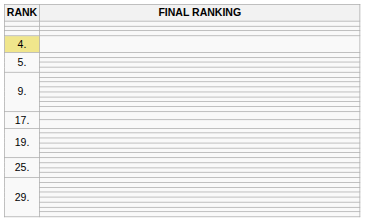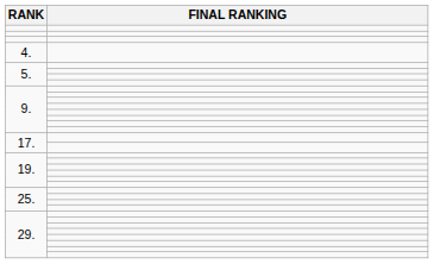 <table class="wikitable" style="border-collapse: collapse; font-size: 90%;">
 <tr>
 <th>RANK</th>
 <th style="width: 30em">FINAL RANKING</th>
 </tr>
 <tr>
 <td align="center"></td>
 <td></td>
 </tr>
 <tr>
 <td align="center"></td>
 <td></td>
 </tr>
 <tr>
 <td align="center"></td>
 <td></td>
 </tr>
 <tr>
-<td align="center" style="background: khaki;">4.</td>
+<td align="center">4.</td>
 <td></td>
 </tr>
 <tr>
 <td rowspan=4 align="center">5.</td>
 <td></td>
 </tr>
 <tr>
 <td></td>
 </tr>
 <tr>
 <td></td>
 </tr>
 <tr>
 <td></td>
 </tr>
 <tr>
 <td rowspan=8 align="center">9.</td>
 <td></td>
 </tr>
 <tr>
 <td></td>
 </tr>
 <tr>
 <td></td>
 </tr>
 <tr>
 <td></td>
 </tr>
 <tr>
 <td></td>
 </tr>
 <tr>
 <td></td>
 </tr>
 <tr>
 <td></td>
 </tr>
 <tr>
 <td></td>
 </tr>
 <tr>
 <td rowspan=2 align="center">17.</td>
 <td></td>
 </tr>
 <tr>
 <td></td>
 </tr>
 <tr>
 <td rowspan=6 align="center">19.</td>
 <td></td>
 </tr>
 <tr>
 <td></td>
 </tr>
 <tr>
 <td></td>
 </tr>
 <tr>
 <td></td>
 </tr>
 <tr>
 <td></td>
 </tr>
 <tr>
 <td></td>
 </tr>
 <tr>
 <td rowspan=4 align="center">25.</td>
 <td></td>
 </tr>
 <tr>
 <td></td>
 </tr>
 <tr>
 <td></td>
 </tr>
 <tr>
 <td></td>
 </tr>
 <tr>
 <td rowspan=8 align="center">29.</td>
 <td></td>
 </tr>
 <tr>
 <td></td>
 </tr>
 <tr>
 <td></td>
 </tr>
 <tr>
 <td></td>
 </tr>
 <tr>
 <td></td>
 </tr>
 <tr>
 <td></td>
 </tr>
 <tr>
 <td></td>
 </tr>
 <tr>
 <td></td>
 </tr>
 </table>
